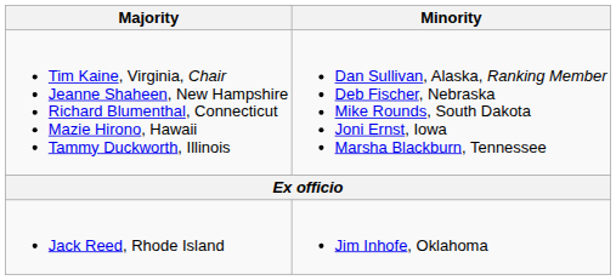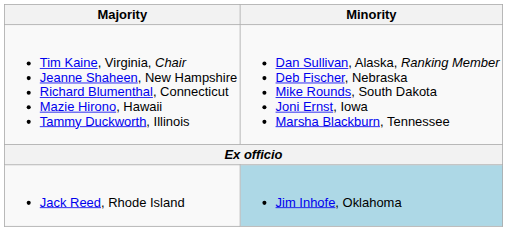 <table class=wikitable>
 <tr>
 <th>Majority</th>
 <th>Minority</th>
 </tr>
 <tr>
 <td><br><ul><li><a href='#'>Tim Kaine</a>, Virginia, <em>Chair</em></li><li><a href='#'>Jeanne Shaheen</a>, New Hampshire</li><li><a href='#'>Richard Blumenthal</a>, Connecticut</li><li><a href='#'>Mazie Hirono</a>, Hawaii</li><li><a href='#'>Tammy Duckworth</a>, Illinois</li></ul></td>
 <td><br><ul><li><a href='#'>Dan Sullivan</a>, Alaska, <em>Ranking Member</em></li><li><a href='#'>Deb Fischer</a>, Nebraska</li><li><a href='#'>Mike Rounds</a>, South Dakota</li><li><a href='#'>Joni Ernst</a>, Iowa</li><li><a href='#'>Marsha Blackburn</a>, Tennessee</li></ul></td>
 </tr>
 <tr>
 <th colspan=2><em>Ex officio</em></th>
 </tr>
 <tr>
 <td><br><ul><li><a href='#'>Jack Reed</a>, Rhode Island</li></ul></td>
-<td><br><ul><li><a href='#'>Jim Inhofe</a>, Oklahoma</li></ul></td>
+<td style="background: lightblue;"><br><ul><li><a href='#'>Jim Inhofe</a>, Oklahoma</li></ul></td>
 </tr>
 </table>
